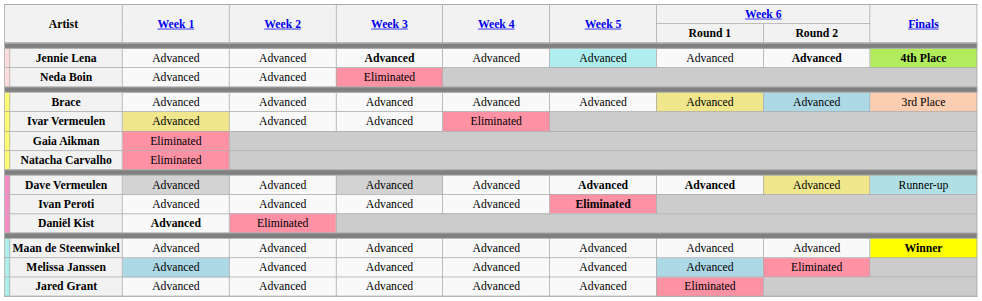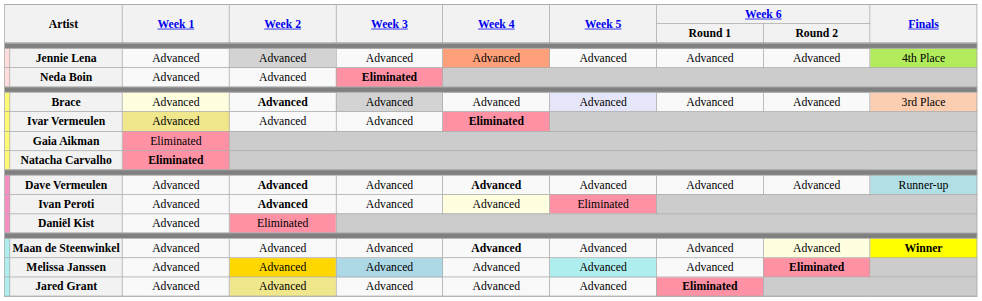 <table class="wikitable"  style="text-align:center; font-size:95%; width:100%;">
 <tr>
 </tr>
 <tr>
 <th rowspan="2"  colspan="2" scope="col">Artist</th>
 <th width="11%" rowspan="2"  colspan="1" scope="col"><a href='#'>Week 1</a></th>
 <th width="11%" rowspan="2"  colspan="1" scope="col"><a href='#'>Week 2</a></th>
 <th width="11%" rowspan="2"  colspan="1" scope="col"><a href='#'>Week 3</a></th>
 <th width="11%" rowspan="2"  colspan="1" scope="col"><a href='#'>Week 4</a></th>
 <th width="11%" rowspan="2"  colspan="1" scope="col"><a href='#'>Week 5</a></th>
 <th width="11%" colspan="2" scope="col"><a href='#'>Week 6</a></th>
 <th width="11%" rowspan="2"  colspan="1" scope="col"><a href='#'>Finals</a></th>
 </tr>
 <tr>
 <th style="width:11%">Round 1</th>
 <th style="width:11%">Round 2</th>
 </tr>
 <tr>
 </tr>
 <tr>
 <th colspan="10" style="background:grey;"></th>
 </tr>
 <tr>
 <th style="background:#ffdddd;"></th>
 <th>Jennie Lena</th>
 <td>Advanced</td>
+<td style="background: lightgrey;">Advanced</td>
 <td>Advanced</td>
-<td><strong>Advanced</strong></td>
+<td style="background: lightsalmon;">Advanced</td>
 <td>Advanced</td>
-<td style="background: paleturquoise;">Advanced</td>
 <td>Advanced</td>
-<td><strong>Advanced</strong></td>
-<td style="background:#B2EC5D;"><strong>4th Place</strong></td>
+<td>Advanced</td>
+<td style="background:#B2EC5D;">4th Place</td>
 </tr>
 <tr>
 <th style="background:#ffdddd;"></th>
 <th>Neda Boin</th>
 <td>Advanced</td>
 <td>Advanced</td>
-<td style="background:#FF91A4;">Eliminated</td>
+<td style="background:#FF91A4;"><strong>Eliminated</strong></td>
 <td colspan="5" style="background:#ccc;"></td>
 </tr>
 <tr>
 <th colspan="10" style="background:grey;"></th>
 </tr>
 <tr>
 <th style="background:#fffa73;"></th>
 <th>Brace</th>
+<td style="background: lightyellow;">Advanced</td>
+<td><strong>Advanced</strong></td>
+<td style="background: lightgrey;">Advanced</td>
+<td>Advanced</td>
+<td style="background: lavender;">Advanced</td>
 <td>Advanced</td>
 <td>Advanced</td>
-<td>Advanced</td>
-<td>Advanced</td>
-<td>Advanced</td>
-<td style="background: khaki;">Advanced</td>
-<td style="background: lightblue;">Advanced</td>
 <td style="background:#FBCEB1;">3rd Place</td>
 </tr>
 <tr>
 <th style="background:#fffa73;"></th>
 <th>Ivar Vermeulen</th>
 <td style="background: khaki;">Advanced</td>
 <td>Advanced</td>
 <td>Advanced</td>
-<td style="background:#FF91A4;">Eliminated</td>
+<td style="background:#FF91A4;"><strong>Eliminated</strong></td>
 <td colspan="4" style="background:#ccc;"></td>
 </tr>
 <tr>
 <th style="background:#fffa73;"></th>
 <th>Gaia Aikman</th>
 <td style="background:#FF91A4;">Eliminated</td>
 <td colspan="7" style="background:#ccc;"></td>
 </tr>
 <tr>
 <th style="background:#fffa73;"></th>
 <th>Natacha Carvalho</th>
-<td style="background:#FF91A4;">Eliminated</td>
+<td style="background:#FF91A4;"><strong>Eliminated</strong></td>
 <td colspan="7" style="background:#ccc;"></td>
 </tr>
 <tr>
 <th colspan="10" style="background:grey;"></th>
 </tr>
 <tr>
 <th style="background:#F78FC2;"></th>
 <th>Dave Vermeulen</th>
-<td style="background: lightgrey;">Advanced</td>
-<td>Advanced</td>
-<td style="background: lightgrey;">Advanced</td>
 <td>Advanced</td>
 <td><strong>Advanced</strong></td>
+<td>Advanced</td>
 <td><strong>Advanced</strong></td>
-<td style="background: khaki;">Advanced</td>
+<td>Advanced</td>
+<td>Advanced</td>
+<td>Advanced</td>
 <td style="background:#B0E0E6;">Runner-up</td>
 </tr>
 <tr>
 <th style="background:#F78FC2;"></th>
 <th>Ivan Peroti</th>
 <td>Advanced</td>
+<td><strong>Advanced</strong></td>
 <td>Advanced</td>
-<td>Advanced</td>
-<td>Advanced</td>
-<td style="background:#FF91A4;"><strong>Eliminated</strong></td>
+<td style="background: lightyellow;">Advanced</td>
+<td style="background:#FF91A4;">Eliminated</td>
 <td colspan="3" style="background:#ccc;"></td>
 </tr>
 <tr>
 <th style="background:#F78FC2;"></th>
 <th>Daniël Kist</th>
-<td><strong>Advanced</strong></td>
+<td>Advanced</td>
 <td style="background:#FF91A4;">Eliminated</td>
 <td colspan="6" style="background:#ccc;"></td>
 </tr>
 <tr>
 <th colspan="10" style="background:grey;"></th>
 </tr>
 <tr>
 <th style="background:#afeeee;"></th>
 <th nowrap>Maan de Steenwinkel</th>
 <td>Advanced</td>
 <td>Advanced</td>
 <td>Advanced</td>
+<td><strong>Advanced</strong></td>
 <td>Advanced</td>
 <td>Advanced</td>
-<td>Advanced</td>
-<td>Advanced</td>
+<td style="background: lightyellow;">Advanced</td>
 <td style="background:Yellow;"><strong>Winner</strong></td>
 </tr>
 <tr>
 <th style="background:#afeeee;"></th>
 <th>Melissa Janssen</th>
+<td>Advanced</td>
+<td style="background: gold;">Advanced</td>
 <td style="background: lightblue;">Advanced</td>
 <td>Advanced</td>
+<td style="background: paleturquoise;">Advanced</td>
 <td>Advanced</td>
-<td>Advanced</td>
-<td>Advanced</td>
-<td style="background: lightblue;">Advanced</td>
-<td style="background:#FF91A4;">Eliminated</td>
+<td style="background:#FF91A4;"><strong>Eliminated</strong></td>
 <td colspan="2" style="background:#ccc;"></td>
 </tr>
 <tr>
 <th style="background:#afeeee;"></th>
 <th>Jared Grant</th>
 <td>Advanced</td>
+<td style="background: khaki;">Advanced</td>
 <td>Advanced</td>
 <td>Advanced</td>
 <td>Advanced</td>
-<td>Advanced</td>
-<td style="background:#FF91A4;">Eliminated</td>
+<td style="background:#FF91A4;"><strong>Eliminated</strong></td>
 <td colspan="2" style="background:#ccc;"></td>
 </tr>
 <tr>
 </tr>
 </table>
